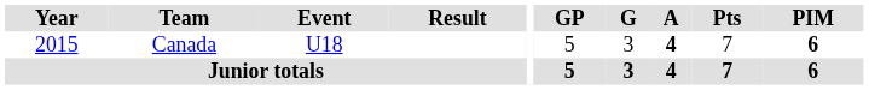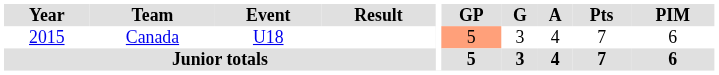 <table border="0" cellpadding="1" cellspacing="0" ID="Table3" style="text-align:center; width:40em">
 <tr ALIGN="center" bgcolor="#e0e0e0">
 <th>Year</th>
 <th>Team</th>
 <th>Event</th>
 <th>Result</th>
 <th rowspan="99" bgcolor="#ffffff"></th>
 <th>GP</th>
 <th>G</th>
 <th>A</th>
 <th>Pts</th>
 <th>PIM</th>
 </tr>
 <tr>
 <td><a href='#'>2015</a></td>
 <td><a href='#'>Canada</a></td>
 <td><a href='#'>U18</a></td>
 <td></td>
-<td>5</td>
+<td style="background: lightsalmon;">5</td>
 <td>3</td>
-<td><strong>4</strong></td>
+<td>4</td>
 <td>7</td>
-<td><strong>6</strong></td>
+<td>6</td>
 </tr>
 <tr bgcolor="#e0e0e0">
 <th colspan="4">Junior totals</th>
 <th>5</th>
 <th>3</th>
 <th>4</th>
 <th>7</th>
 <th>6</th>
 </tr>
 </table>
